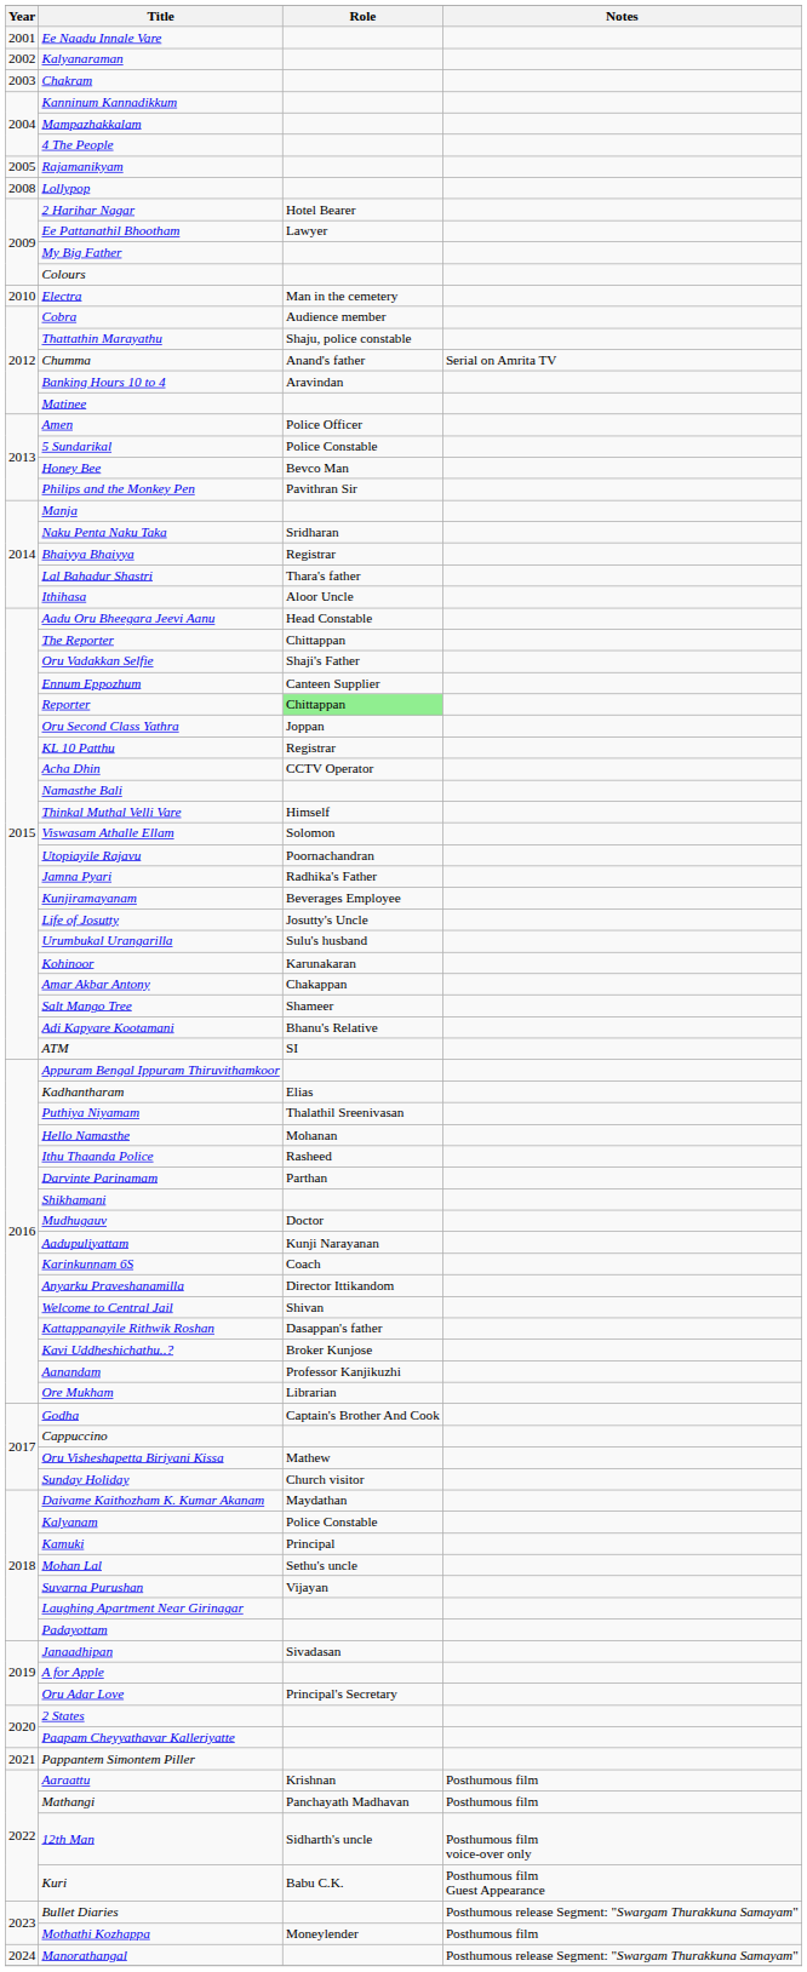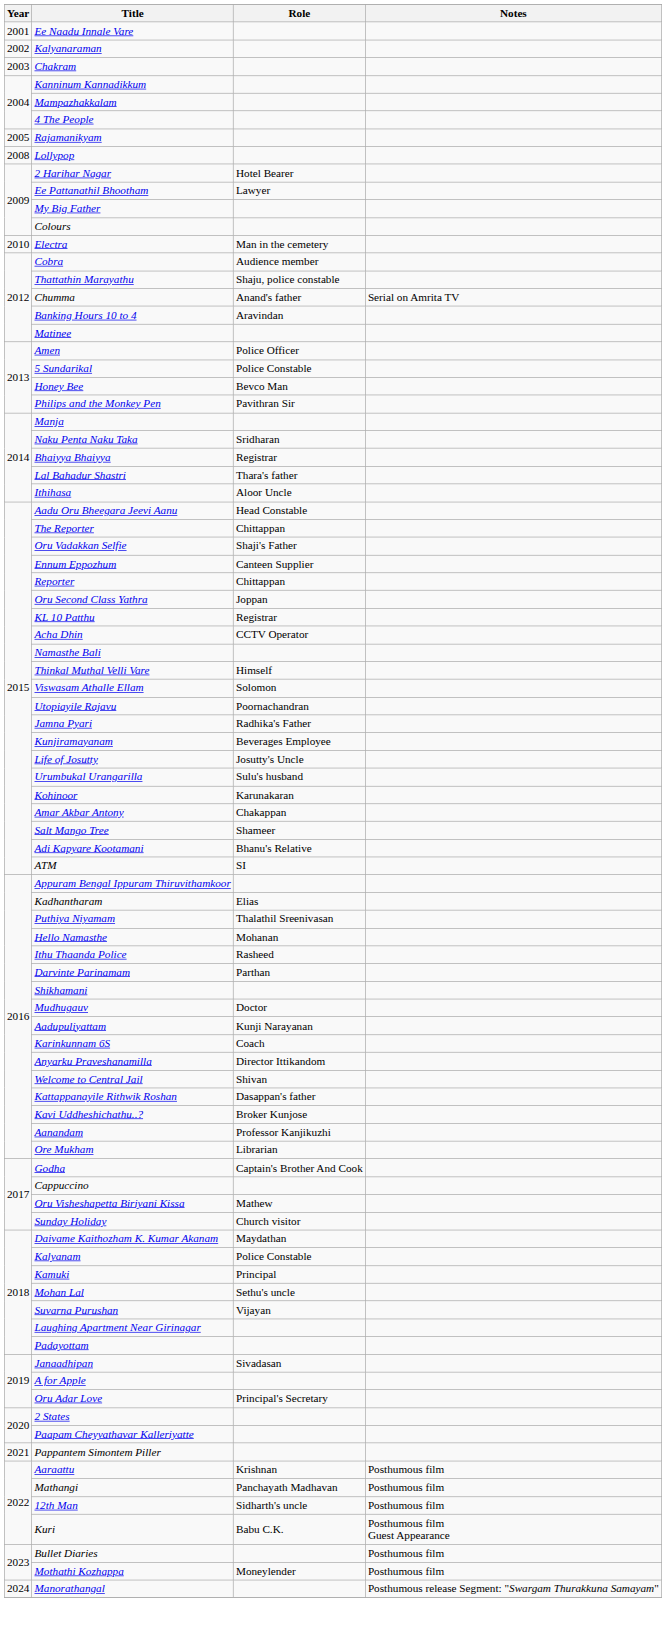 <table class="wikitable sortable">
 <tr style="background:#B0C4DE">
 </tr>
 <tr>
 <th>Year</th>
 <th>Title</th>
 <th>Role</th>
 <th>Notes</th>
 </tr>
 <tr>
 <td>2001</td>
 <td><em><a href='#'>Ee Naadu Innale Vare</a></em></td>
 <td></td>
 <td></td>
 </tr>
 <tr>
 <td>2002</td>
 <td><em><a href='#'>Kalyanaraman</a></em></td>
 <td></td>
 <td></td>
 </tr>
 <tr>
 <td>2003</td>
 <td><em><a href='#'>Chakram</a></em></td>
 <td></td>
 <td></td>
 </tr>
 <tr>
 <td rowspan=3>2004</td>
 <td><em><a href='#'>Kanninum Kannadikkum</a></em></td>
 <td></td>
 <td></td>
 </tr>
 <tr>
 <td><em><a href='#'>Mampazhakkalam</a></em></td>
 <td></td>
 <td></td>
 </tr>
 <tr>
 <td><em><a href='#'>4 The People</a></em></td>
 <td></td>
 <td></td>
 </tr>
 <tr>
 <td>2005</td>
 <td><em><a href='#'>Rajamanikyam</a></em></td>
 <td></td>
 <td></td>
 </tr>
 <tr>
 <td>2008</td>
 <td><em><a href='#'>Lollypop</a></em></td>
 <td></td>
 <td></td>
 </tr>
 <tr>
 <td rowspan=4>2009</td>
 <td><em><a href='#'>2 Harihar Nagar</a></em></td>
 <td>Hotel Bearer</td>
 <td></td>
 </tr>
 <tr>
 <td><em><a href='#'>Ee Pattanathil Bhootham</a></em></td>
 <td>Lawyer</td>
 <td></td>
 </tr>
 <tr>
 <td><em><a href='#'>My Big Father</a></em></td>
 <td></td>
 <td></td>
 </tr>
 <tr>
 <td><em>Colours</em></td>
 <td></td>
 <td></td>
 </tr>
 <tr>
 <td>2010</td>
 <td><em><a href='#'>Electra</a></em></td>
 <td>Man in the cemetery</td>
 <td></td>
 </tr>
 <tr>
 <td rowspan=5>2012</td>
 <td><em><a href='#'>Cobra</a></em></td>
 <td>Audience member</td>
 <td></td>
 </tr>
 <tr>
 <td><em><a href='#'>Thattathin Marayathu</a></em></td>
 <td>Shaju, police constable</td>
 <td></td>
 </tr>
 <tr>
 <td><em>Chumma</em></td>
 <td>Anand's father</td>
 <td>Serial on Amrita TV</td>
 </tr>
 <tr>
 <td><em><a href='#'>Banking Hours 10 to 4</a></em></td>
 <td>Aravindan</td>
 <td></td>
 </tr>
 <tr>
 <td><em><a href='#'>Matinee</a></em></td>
 <td></td>
 <td></td>
 </tr>
 <tr>
 <td rowspan=4>2013</td>
 <td><em><a href='#'>Amen</a></em></td>
 <td>Police Officer</td>
 <td></td>
 </tr>
 <tr>
 <td><em><a href='#'>5 Sundarikal</a></em></td>
 <td>Police Constable</td>
 <td></td>
 </tr>
 <tr>
 <td><em><a href='#'> Honey Bee</a></em></td>
 <td>Bevco Man</td>
 <td></td>
 </tr>
 <tr>
 <td><em><a href='#'>Philips and the Monkey Pen</a></em></td>
 <td>Pavithran Sir</td>
 <td></td>
 </tr>
 <tr>
 <td rowspan=5>2014</td>
 <td><em><a href='#'>Manja</a></em></td>
 <td></td>
 <td></td>
 </tr>
 <tr>
 <td><em><a href='#'>Naku Penta Naku Taka</a></em></td>
 <td>Sridharan</td>
 <td></td>
 </tr>
 <tr>
 <td><em><a href='#'>Bhaiyya Bhaiyya</a></em></td>
 <td>Registrar</td>
 <td></td>
 </tr>
 <tr>
 <td><em><a href='#'>Lal Bahadur Shastri</a></em></td>
 <td>Thara's father</td>
 <td></td>
 </tr>
 <tr>
 <td><em><a href='#'>Ithihasa</a></em></td>
 <td>Aloor Uncle</td>
 <td></td>
 </tr>
 <tr>
 <td rowspan="21">2015</td>
 <td><em><a href='#'>Aadu Oru Bheegara Jeevi Aanu</a></em></td>
 <td>Head Constable</td>
 <td></td>
 </tr>
 <tr>
 <td><em><a href='#'>The Reporter</a></em></td>
 <td>Chittappan</td>
 <td></td>
 </tr>
 <tr>
 <td><em><a href='#'>Oru Vadakkan Selfie</a></em></td>
 <td>Shaji's Father</td>
 <td></td>
 </tr>
 <tr>
 <td><em><a href='#'>Ennum Eppozhum</a></em></td>
 <td>Canteen Supplier</td>
 <td></td>
 </tr>
 <tr>
 <td><em><a href='#'>Reporter</a></em></td>
-<td style="background: lightgreen;">Chittappan</td>
+<td>Chittappan</td>
 <td></td>
 </tr>
 <tr>
 <td><em><a href='#'>Oru Second Class Yathra</a></em></td>
 <td>Joppan</td>
 <td></td>
 </tr>
 <tr>
 <td><em><a href='#'>KL 10 Patthu</a></em></td>
 <td>Registrar</td>
 <td></td>
 </tr>
 <tr>
 <td><em><a href='#'>Acha Dhin</a></em></td>
 <td>CCTV Operator</td>
 <td></td>
 </tr>
 <tr>
 <td><em><a href='#'>Namasthe Bali</a></em></td>
 <td></td>
 <td></td>
 </tr>
 <tr>
 <td><em><a href='#'>Thinkal Muthal Velli Vare</a></em></td>
 <td>Himself</td>
 <td></td>
 </tr>
 <tr>
 <td><em><a href='#'>Viswasam Athalle Ellam</a></em></td>
 <td>Solomon</td>
 <td></td>
 </tr>
 <tr>
 <td><em><a href='#'>Utopiayile Rajavu</a></em></td>
 <td>Poornachandran</td>
 <td></td>
 </tr>
 <tr>
 <td><em><a href='#'>Jamna Pyari </a></em></td>
 <td>Radhika's Father</td>
 <td></td>
 </tr>
 <tr>
 <td><em><a href='#'>Kunjiramayanam</a></em></td>
 <td>Beverages Employee</td>
 <td></td>
 </tr>
 <tr>
 <td><em><a href='#'>Life of Josutty</a></em></td>
 <td>Josutty's Uncle</td>
 <td></td>
 </tr>
 <tr>
 <td><em><a href='#'>Urumbukal Urangarilla</a></em></td>
 <td>Sulu's husband</td>
 <td></td>
 </tr>
 <tr>
 <td><em><a href='#'>Kohinoor</a></em></td>
 <td>Karunakaran</td>
 <td></td>
 </tr>
 <tr>
 <td><em><a href='#'>Amar Akbar Antony</a></em></td>
 <td>Chakappan</td>
 <td></td>
 </tr>
 <tr>
 <td><em><a href='#'>Salt Mango Tree</a></em></td>
 <td>Shameer</td>
 <td></td>
 </tr>
 <tr>
 <td><em><a href='#'>Adi Kapyare Kootamani</a></em></td>
 <td>Bhanu's Relative</td>
 <td></td>
 </tr>
 <tr>
 <td><em>ATM</em></td>
 <td>SI</td>
 <td></td>
 </tr>
 <tr>
 <td rowspan=16>2016</td>
 <td><em><a href='#'>Appuram Bengal Ippuram Thiruvithamkoor</a></em></td>
 <td></td>
 <td></td>
 </tr>
 <tr>
 <td><em>Kadhantharam</em></td>
 <td>Elias</td>
 <td></td>
 </tr>
 <tr>
 <td><em><a href='#'>Puthiya Niyamam</a></em></td>
 <td>Thalathil Sreenivasan</td>
 <td></td>
 </tr>
 <tr>
 <td><em><a href='#'>Hello Namasthe</a></em></td>
 <td>Mohanan</td>
 <td></td>
 </tr>
 <tr>
 <td><em><a href='#'>Ithu Thaanda Police</a></em></td>
 <td>Rasheed</td>
 <td></td>
 </tr>
 <tr>
 <td><em><a href='#'>Darvinte Parinamam</a></em></td>
 <td>Parthan</td>
 <td></td>
 </tr>
 <tr>
 <td><em><a href='#'>Shikhamani</a></em></td>
 <td></td>
 <td></td>
 </tr>
 <tr>
 <td><em><a href='#'>Mudhugauv</a></em></td>
 <td>Doctor</td>
 <td></td>
 </tr>
 <tr>
 <td><em><a href='#'>Aadupuliyattam</a></em></td>
 <td>Kunji Narayanan</td>
 <td></td>
 </tr>
 <tr>
 <td><em><a href='#'>Karinkunnam 6S</a></em></td>
 <td>Coach</td>
 <td></td>
 </tr>
 <tr>
 <td><em><a href='#'>Anyarku Praveshanamilla</a></em></td>
 <td>Director Ittikandom</td>
 <td></td>
 </tr>
 <tr>
 <td><em><a href='#'>Welcome to Central Jail</a></em></td>
 <td>Shivan</td>
 <td></td>
 </tr>
 <tr>
 <td><em><a href='#'>Kattappanayile Rithwik Roshan</a></em></td>
 <td>Dasappan's father</td>
 <td></td>
 </tr>
 <tr>
 <td><em><a href='#'>Kavi Uddheshichathu..?</a></em></td>
 <td>Broker Kunjose</td>
 <td></td>
 </tr>
 <tr>
 <td><em><a href='#'>Aanandam</a></em></td>
 <td>Professor Kanjikuzhi</td>
 <td></td>
 </tr>
 <tr>
 <td><em><a href='#'>Ore Mukham</a></em></td>
 <td>Librarian</td>
 <td></td>
 </tr>
 <tr>
 <td rowspan=4>2017</td>
 <td><em><a href='#'>Godha</a></em></td>
 <td>Captain's Brother And Cook</td>
 <td></td>
 </tr>
 <tr>
 <td><em>Cappuccino</em></td>
 <td></td>
 <td></td>
 </tr>
 <tr>
 <td><em><a href='#'>Oru Visheshapetta Biriyani Kissa</a></em></td>
 <td>Mathew</td>
 <td></td>
 </tr>
 <tr>
 <td><em><a href='#'>Sunday Holiday</a></em></td>
 <td>Church visitor</td>
 <td></td>
 </tr>
 <tr>
 <td rowspan=7>2018</td>
 <td><em><a href='#'>Daivame Kaithozham K. Kumar Akanam</a></em></td>
 <td>Maydathan</td>
 <td></td>
 </tr>
 <tr>
 <td><em><a href='#'>Kalyanam</a></em></td>
 <td>Police Constable</td>
 <td></td>
 </tr>
 <tr>
 <td><em><a href='#'>Kamuki</a></em></td>
 <td>Principal</td>
 <td></td>
 </tr>
 <tr>
 <td><em><a href='#'>Mohan Lal</a></em></td>
 <td>Sethu's uncle</td>
 <td></td>
 </tr>
 <tr>
 <td><em><a href='#'>Suvarna Purushan</a></em></td>
 <td>Vijayan</td>
 <td></td>
 </tr>
 <tr>
 <td><em><a href='#'>Laughing Apartment Near Girinagar</a></em></td>
 <td></td>
 <td></td>
 </tr>
 <tr>
 <td><em><a href='#'>Padayottam</a></em></td>
 <td></td>
 <td></td>
 </tr>
 <tr>
 <td rowspan=3>2019</td>
 <td><em><a href='#'>Janaadhipan</a></em></td>
 <td>Sivadasan</td>
 <td></td>
 </tr>
 <tr>
 <td><em><a href='#'>A for Apple</a></em></td>
 <td></td>
 <td></td>
 </tr>
 <tr>
 <td><em><a href='#'>Oru Adar Love</a></em></td>
 <td>Principal's Secretary</td>
 <td></td>
 </tr>
 <tr>
 <td rowspan=2>2020</td>
 <td><em><a href='#'>2 States</a></em></td>
 <td></td>
 <td></td>
 </tr>
 <tr>
 <td><em><a href='#'>Paapam Cheyyathavar Kalleriyatte</a></em></td>
 <td></td>
 <td></td>
 </tr>
 <tr>
 <td>2021</td>
 <td><em>Pappantem Simontem Piller</em></td>
 <td></td>
 <td></td>
 </tr>
 <tr>
 <td rowspan=4>2022</td>
 <td><em><a href='#'>Aaraattu</a></em></td>
 <td>Krishnan</td>
 <td>Posthumous film</td>
 </tr>
 <tr>
 <td><em>Mathangi</em></td>
 <td>Panchayath Madhavan</td>
 <td>Posthumous film</td>
 </tr>
 <tr>
 <td><em><a href='#'>12th Man</a></em></td>
 <td>Sidharth's uncle</td>
-<td><br>Posthumous film <br> voice-over only</td>
+<td>Posthumous film</td>
 </tr>
 <tr>
 <td><em>Kuri</em></td>
 <td>Babu C.K.</td>
 <td>Posthumous film <br> Guest Appearance</td>
 </tr>
 <tr>
 <td rowspan=2>2023</td>
 <td><em>Bullet Diaries</em></td>
 <td></td>
-<td>Posthumous release Segment: "<em>Swargam Thurakkuna Samayam</em>"</td>
+<td>Posthumous film</td>
 </tr>
 <tr>
 <td><em><a href='#'>Mothathi Kozhappa</a></em></td>
 <td>Moneylender</td>
 <td>Posthumous film</td>
 </tr>
 <tr>
 <td>2024</td>
 <td><em><a href='#'>Manorathangal</a></em></td>
 <td></td>
 <td>Posthumous release Segment: "<em>Swargam Thurakkuna Samayam</em>"</td>
 </tr>
 <tr>
 </tr>
 </table>
